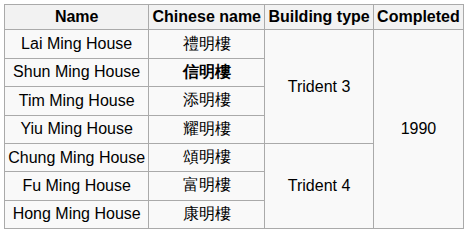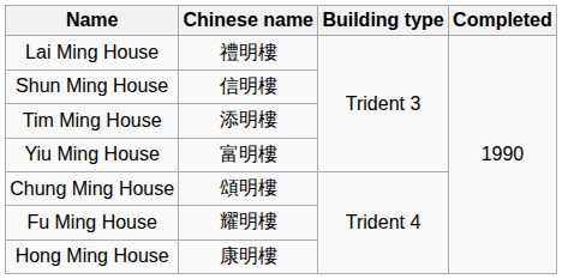 <table class="wikitable" style="text-align: center">
 <tr>
 <th>Name</th>
 <th>Chinese name</th>
 <th>Building type</th>
 <th>Completed</th>
 </tr>
 <tr>
 <td>Lai Ming House</td>
 <td>禮明樓</td>
 <td rowspan="4">Trident 3</td>
 <td rowspan="7">1990</td>
 </tr>
 <tr>
 <td>Shun Ming House</td>
-<td><strong>信明樓</strong></td>
+<td>信明樓</td>
 </tr>
 <tr>
 <td>Tim Ming House</td>
 <td>添明樓</td>
 </tr>
 <tr>
 <td>Yiu Ming House</td>
-<td>耀明樓</td>
+<td>富明樓</td>
 </tr>
 <tr>
 <td>Chung Ming House</td>
 <td>頌明樓</td>
 <td rowspan="3">Trident 4</td>
 </tr>
 <tr>
 <td>Fu Ming House</td>
-<td>富明樓</td>
+<td>耀明樓</td>
 </tr>
 <tr>
 <td>Hong Ming House</td>
 <td>康明樓</td>
 </tr>
 </table>
